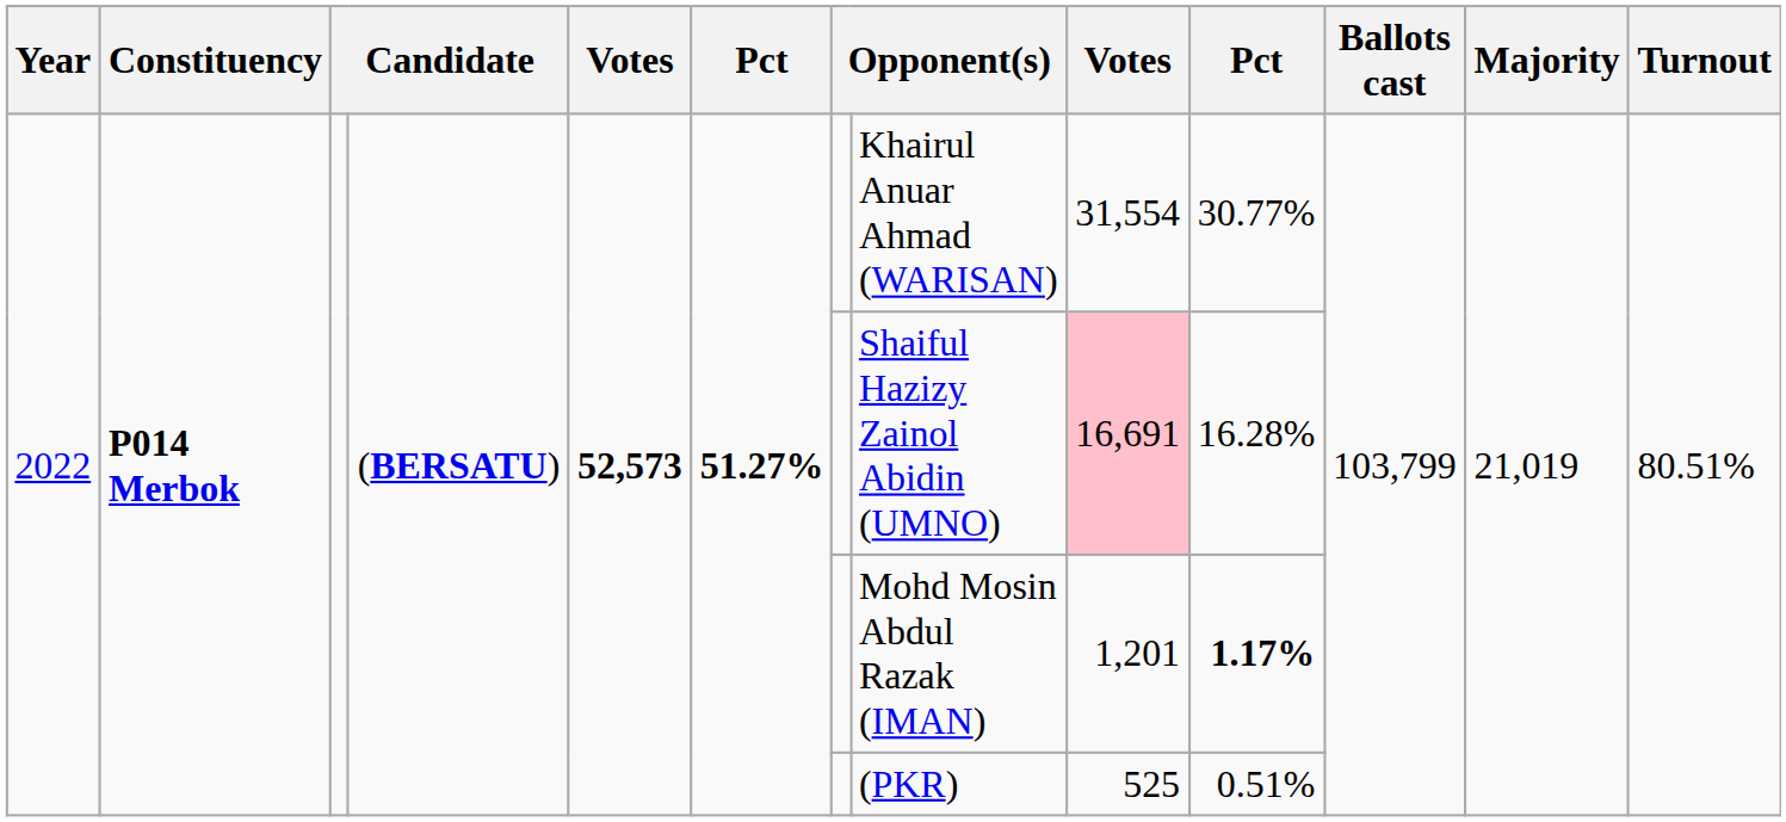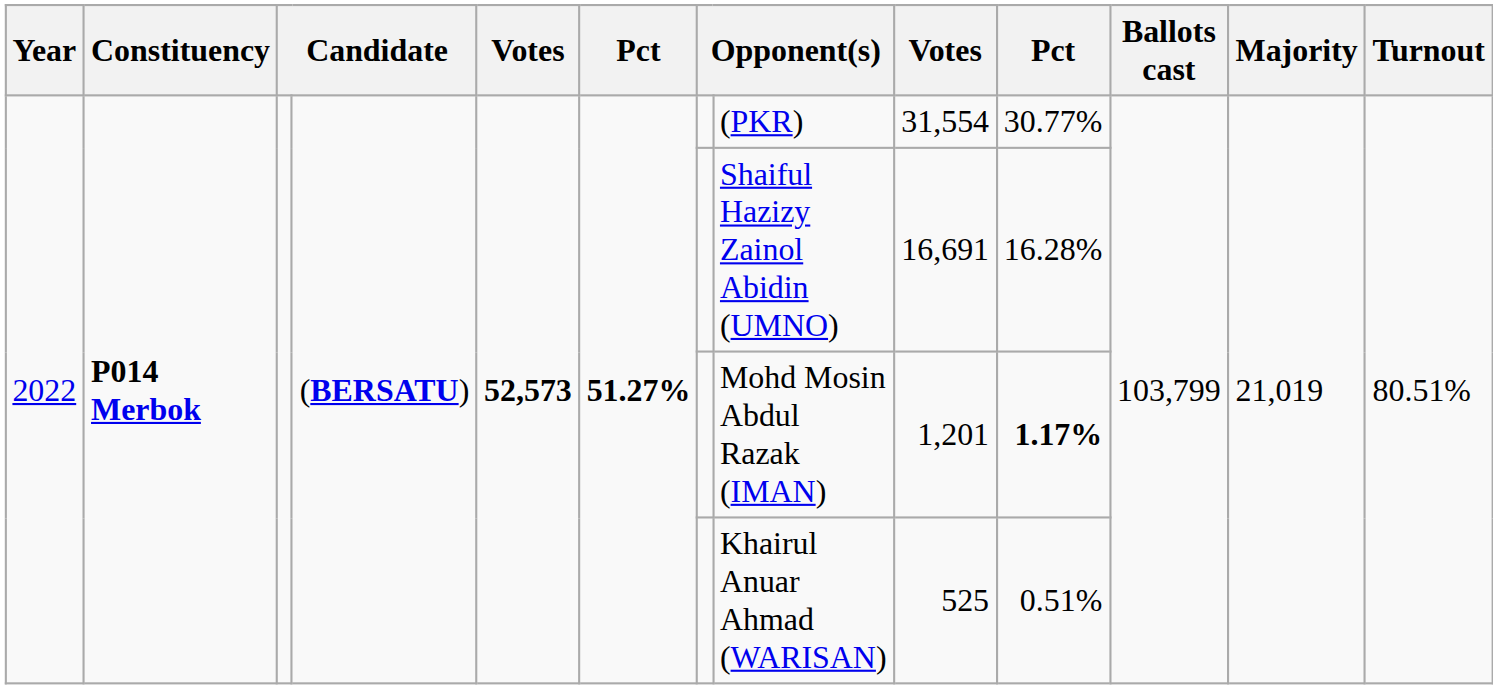 <table class="wikitable" style="margin:0.5em ; font-size:95%">
 <tr>
 <th>Year</th>
 <th>Constituency</th>
 <th colspan=2>Candidate</th>
 <th>Votes</th>
 <th>Pct</th>
 <th colspan=2>Opponent(s)</th>
 <th>Votes</th>
 <th>Pct</th>
 <th>Ballots cast</th>
 <th>Majority</th>
 <th>Turnout</th>
 </tr>
 <tr>
 <td rowspan=4><a href='#'>2022</a></td>
 <td rowspan=4><strong>P014 <a href='#'>Merbok</a></strong></td>
 <td rowspan=4 bgcolor=></td>
 <td rowspan=4> (<a href='#'><strong>BERSATU</strong></a>)</td>
 <td rowspan=4 align="right"><strong>52,573</strong></td>
 <td rowspan=4><strong>51.27%</strong></td>
 <td></td>
-<td>Khairul Anuar Ahmad (<a href='#'>WARISAN</a>)</td>
+<td> (<a href='#'>PKR</a>)</td>
 <td align="right">31,554</td>
 <td>30.77%</td>
 <td rowspan=4>103,799</td>
 <td rowspan=4>21,019</td>
 <td rowspan=4>80.51%</td>
 </tr>
 <tr>
 <td></td>
 <td><a href='#'>Shaiful Hazizy Zainol Abidin</a> (<a href='#'>UMNO</a>)</td>
-<td align="right" style="background: pink;">16,691</td>
+<td align="right">16,691</td>
 <td>16.28%</td>
 </tr>
 <tr>
 <td></td>
 <td>Mohd Mosin Abdul Razak  (<a href='#'>IMAN</a>)</td>
 <td align=right>1,201</td>
 <td align=right><strong>1.17%</strong></td>
 </tr>
 <tr>
 <td></td>
-<td> (<a href='#'>PKR</a>)</td>
+<td>Khairul Anuar Ahmad (<a href='#'>WARISAN</a>)</td>
 <td align=right>525</td>
 <td align=right>0.51%</td>
 </tr>
 </table>
